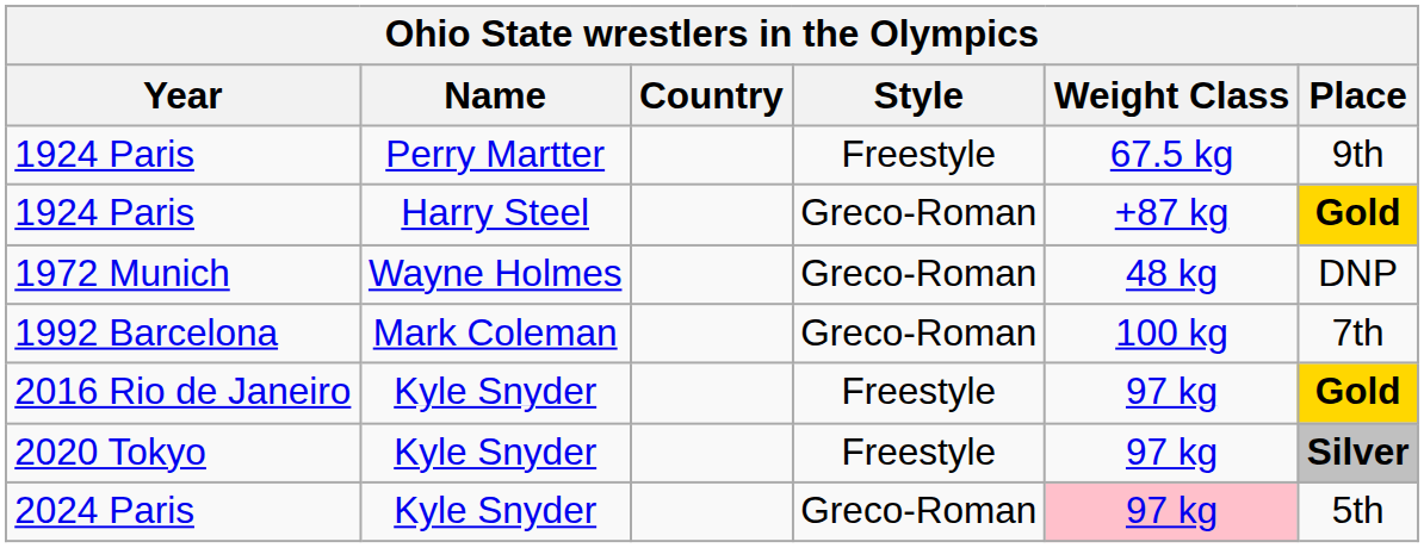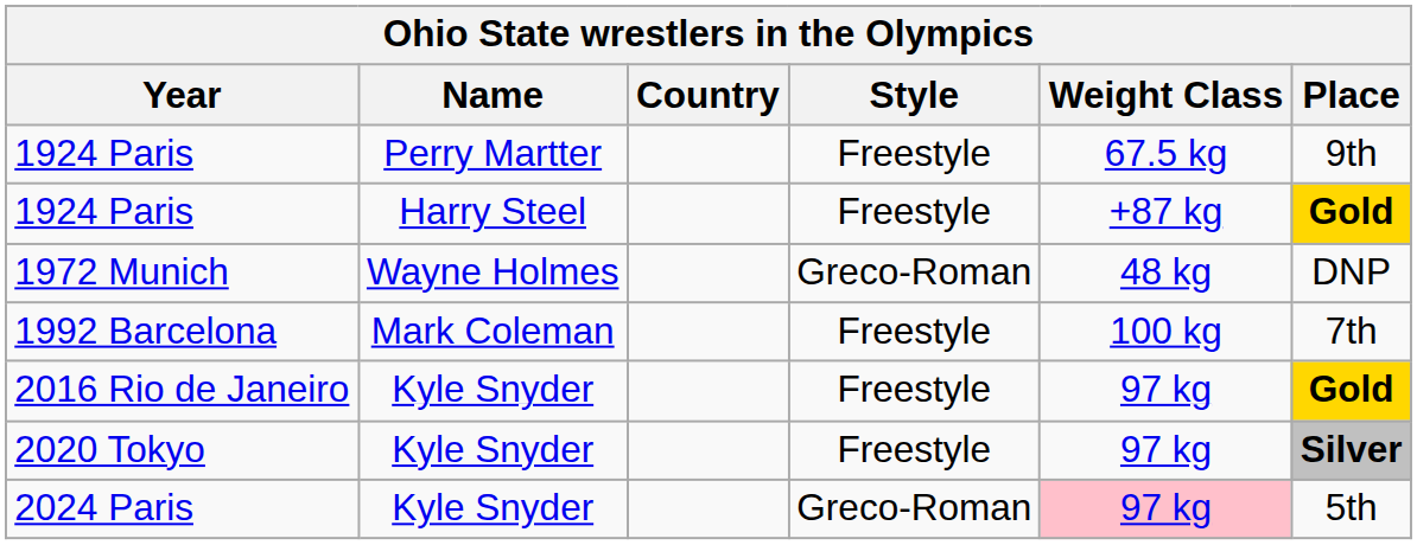 <table class="wikitable">
 <tr>
 <th colspan="6">Ohio State wrestlers in the Olympics</th>
 </tr>
 <tr>
 <th scope="col">Year</th>
 <th scope="col">Name</th>
 <th scope="col">Country</th>
 <th scope="col">Style</th>
 <th scope="col">Weight Class</th>
 <th scope="col">Place</th>
 </tr>
 <tr>
 <td><a href='#'>1924 Paris</a></td>
 <td style="text-align: center;"><a href='#'>Perry Martter</a></td>
 <td style="text-align: center;"></td>
 <td style="text-align: center;">Freestyle</td>
 <td style="text-align: center;"><a href='#'>67.5 kg</a></td>
 <td style="text-align: center;">9th</td>
 </tr>
 <tr>
 <td><a href='#'>1924 Paris</a></td>
 <td style="text-align: center;"><a href='#'>Harry Steel</a></td>
 <td style="text-align: center;"></td>
-<td style="text-align: center;">Greco-Roman</td>
+<td style="text-align: center;">Freestyle</td>
 <td style="text-align: center;"><a href='#'>+87 kg</a></td>
 <td style="text-align: center;background:gold;"><strong>Gold</strong></td>
 </tr>
 <tr>
 <td><a href='#'>1972 Munich</a></td>
 <td style="text-align: center;"><a href='#'>Wayne Holmes</a></td>
 <td style="text-align: center;"></td>
 <td style="text-align: center;">Greco-Roman</td>
 <td style="text-align: center;"><a href='#'>48 kg</a></td>
 <td style="text-align: center;">DNP</td>
 </tr>
 <tr>
 <td><a href='#'>1992 Barcelona</a></td>
 <td style="text-align: center;"><a href='#'>Mark Coleman</a></td>
 <td style="text-align: center;"></td>
-<td style="text-align: center;">Greco-Roman</td>
+<td style="text-align: center;">Freestyle</td>
 <td style="text-align: center;"><a href='#'>100 kg</a></td>
 <td style="text-align: center;">7th</td>
 </tr>
 <tr>
 <td><a href='#'>2016 Rio de Janeiro</a></td>
 <td style="text-align: center;"><a href='#'>Kyle Snyder</a></td>
 <td style="text-align: center;"></td>
 <td style="text-align: center;">Freestyle</td>
 <td style="text-align: center;"><a href='#'>97 kg</a></td>
 <td style="text-align: center;background:gold;"><strong>Gold</strong></td>
 </tr>
 <tr>
 <td><a href='#'>2020 Tokyo</a></td>
 <td style="text-align: center;"><a href='#'>Kyle Snyder</a></td>
 <td style="text-align: center;"></td>
 <td style="text-align: center;">Freestyle</td>
 <td style="text-align: center;"><a href='#'>97 kg</a></td>
 <td style="text-align: center;background:silver;"><strong>Silver</strong></td>
 </tr>
 <tr>
 <td><a href='#'>2024 Paris</a></td>
 <td style="text-align: center;"><a href='#'>Kyle Snyder</a></td>
 <td style="text-align: center;"></td>
 <td style="text-align: center;">Greco-Roman</td>
 <td style="background: pink; text-align: center;"><a href='#'>97 kg</a></td>
 <td style="text-align: center;">5th</td>
 </tr>
 </table>
